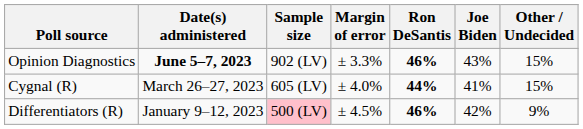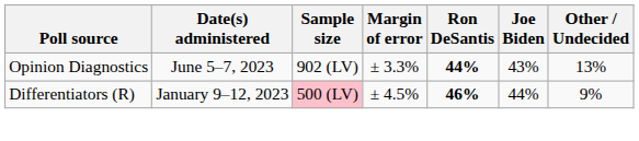 <table class="wikitable sortable mw-datatable" style="font-size:90%;text-align:center;line-height:17px">
 <tr valign=bottom>
 <th>Poll source</th>
 <th>Date(s)<br>administered</th>
 <th>Sample<br>size</th>
 <th>Margin<br>of error</th>
 <th class="unsortable">Ron<br>DeSantis<br></th>
 <th class="unsortable">Joe<br>Biden<br></th>
 <th class="unsortable">Other /<br>Undecided</th>
 </tr>
 <tr>
 <td style="text-align:left;">Opinion Diagnostics</td>
-<td data-sort-value="2023-05-07"><strong>June 5–7, 2023</strong></td>
+<td data-sort-value="2023-05-07">June 5–7, 2023</td>
 <td>902 (LV)</td>
 <td>± 3.3%</td>
-<td style="background-color:"><strong>46%</strong></td>
+<td style="background-color:"><strong>44%</strong></td>
 <td>43%</td>
-<td>15%</td>
-</tr>
-<tr>
-<td style="text-align:left;">Cygnal (R)</td>
-<td data-sort-value="2023-03-27">March 26–27, 2023</td>
-<td>605 (LV)</td>
-<td>± 4.0%</td>
-<td style="background-color:"><strong>44%</strong></td>
-<td>41%</td>
-<td>15%</td>
+<td>13%</td>
 </tr>
 <tr>
 <td style="text-align:left;">Differentiators (R)</td>
 <td data-sort-value="2023-01-12">January 9–12, 2023</td>
 <td style="background: pink;">500 (LV)</td>
 <td>± 4.5%</td>
 <td style="background-color:"><strong>46%</strong></td>
-<td>42%</td>
+<td>44%</td>
 <td>9%</td>
 </tr>
 </table>
